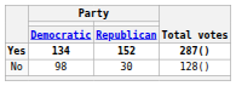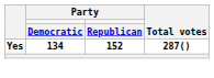 <table class=wikitable style="text-align:center">
 <tr style="vertical-align:bottom;">
 <th rowspan=3></th>
 <th colspan=2>Party</th>
 <th rowspan=3>Total votes</th>
 </tr>
 <tr style="height:5px">
 <td style="background-color:"></td>
 <td style="background-color:"></td>
 </tr>
 <tr style="vertical-align:bottom;">
 <th><a href='#'>Democratic</a></th>
 <th><a href='#'>Republican</a></th>
 </tr>
 <tr>
 <td><strong>Yes</strong></td>
 <td style="background:#ffffff"><strong>134</strong></td>
 <td style="background:#ffffff"><strong>152</strong></td>
 <td style="background:#ffffff"><strong>287()</strong></td>
 </tr>
 <tr>
-<td>No</td>
-<td style="background:#ffffff">98</td>
-<td style="background:#ffffff">30</td>
-<td style="background:#ffffff">128()</td>
-</tr>
-<tr>
 <th colspan=4 style="text-align:left;"></th>
 </tr>
 </table>
